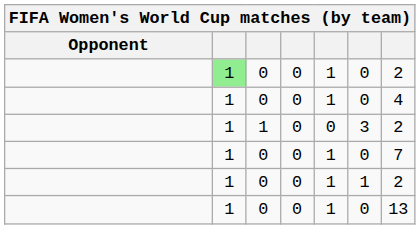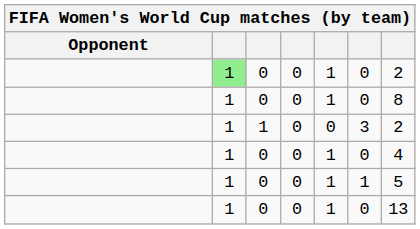 <table class="wikitable sortable" style="text-align: center;">
 <tr>
 <th colspan=7>FIFA Women's World Cup matches (by team)</th>
 </tr>
 <tr>
 <th>Opponent</th>
 <th style="width:20px;"></th>
 <th style="width:20px;"></th>
 <th style="width:20px;"></th>
 <th style="width:20px;"></th>
 <th style="width:20px;"></th>
 <th style="width:20px;"></th>
 </tr>
 <tr>
 <td align="left"></td>
 <td style="background: lightgreen;">1</td>
 <td>0</td>
 <td>0</td>
 <td>1</td>
 <td>0</td>
 <td>2</td>
 </tr>
 <tr>
 <td align="left"></td>
 <td>1</td>
 <td>0</td>
 <td>0</td>
 <td>1</td>
 <td>0</td>
-<td>4</td>
+<td>8</td>
 </tr>
 <tr>
 <td align="left"></td>
 <td>1</td>
 <td>1</td>
 <td>0</td>
 <td>0</td>
 <td>3</td>
 <td>2</td>
 </tr>
 <tr>
 <td align="left"></td>
 <td>1</td>
 <td>0</td>
 <td>0</td>
 <td>1</td>
 <td>0</td>
-<td>7</td>
+<td>4</td>
 </tr>
 <tr>
 <td align="left"></td>
 <td>1</td>
 <td>0</td>
 <td>0</td>
 <td>1</td>
 <td>1</td>
-<td>2</td>
+<td>5</td>
 </tr>
 <tr>
 <td align="left"></td>
 <td>1</td>
 <td>0</td>
 <td>0</td>
 <td>1</td>
 <td>0</td>
 <td>13</td>
 </tr>
 </table>
